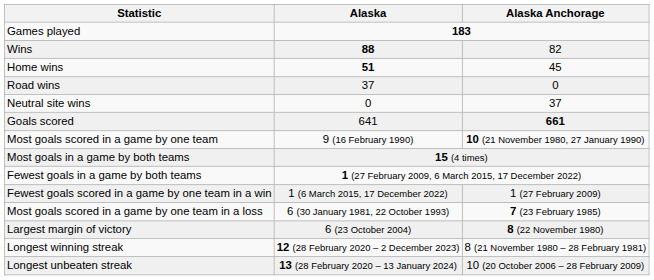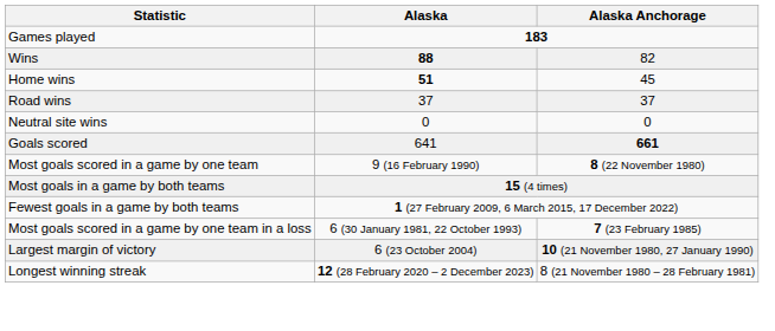 <table class="wikitable">
 <tr>
 <th>Statistic</th>
 <th>Alaska</th>
 <th>Alaska Anchorage</th>
 </tr>
 <tr>
 <td>Games played</td>
 <td align=center colspan=2><strong>183</strong></td>
 </tr>
 <tr bgcolor=f0f0f0>
 <td>Wins</td>
 <td align=center><strong>88</strong></td>
 <td align=center>82</td>
 </tr>
 <tr>
 <td>Home wins</td>
 <td align=center><strong>51</strong></td>
 <td align=center>45</td>
 </tr>
 <tr bgcolor=f0f0f0>
 <td>Road wins</td>
 <td align=center>37</td>
-<td align=center>0</td>
+<td align=center>37</td>
 </tr>
 <tr>
 <td>Neutral site wins</td>
 <td align=center>0</td>
-<td align=center>37</td>
+<td align=center>0</td>
 </tr>
 <tr bgcolor=f0f0f0>
 <td>Goals scored</td>
 <td align=center>641</td>
 <td align=center><strong>661</strong></td>
 </tr>
 <tr>
 <td>Most goals scored in a game by one team</td>
 <td align=center>9 <small>(16 February 1990)</small></td>
-<td align=center><strong>10</strong> <small>(21 November 1980, 27 January 1990)</small></td>
+<td align=center><strong>8</strong> <small>(22 November 1980)</small></td>
 </tr>
 <tr bgcolor=f0f0f0>
 <td>Most goals in a game by both teams</td>
 <td align=center colspan=2><strong>15</strong> <small>(4 times)</small></td>
 </tr>
 <tr>
 <td>Fewest goals in a game by both teams</td>
 <td align=center colspan=2><strong>1</strong> <small>(27 February 2009, 6 March 2015, 17 December 2022)</small></td>
 </tr>
-<tr bgcolor=f0f0f0>
-<td>Fewest goals scored in a game by one team in a win</td>
-<td align=center>1 <small>(6 March 2015, 17 December 2022)</small></td>
-<td align=center>1 <small>(27 February 2009)</small></td>
-</tr>
 <tr>
 <td>Most goals scored in a game by one team in a loss</td>
 <td align=center>6 <small>(30 January 1981, 22 October 1993)</small></td>
 <td align=center><strong>7</strong> <small>(23 February 1985)</small></td>
 </tr>
 <tr bgcolor=f0f0f0>
 <td>Largest margin of victory</td>
 <td align=center>6 <small>(23 October 2004)</small></td>
-<td align=center><strong>8</strong> <small>(22 November 1980)</small></td>
+<td align=center><strong>10</strong> <small>(21 November 1980, 27 January 1990)</small></td>
 </tr>
 <tr>
 <td>Longest winning streak</td>
 <td align=center><strong>12</strong> <small>(28 February 2020 – 2 December 2023)</small></td>
 <td align=center>8 <small>(21 November 1980 – 28 February 1981)</small></td>
 </tr>
-<tr bgcolor=f0f0f0>
-<td>Longest unbeaten streak</td>
-<td align=center><strong>13</strong> <small>(28 February 2020 – 13 January 2024)</small></td>
-<td align=center>10 <small>(20 October 2006 – 28 February 2009)</small></td>
-</tr>
 </table>
